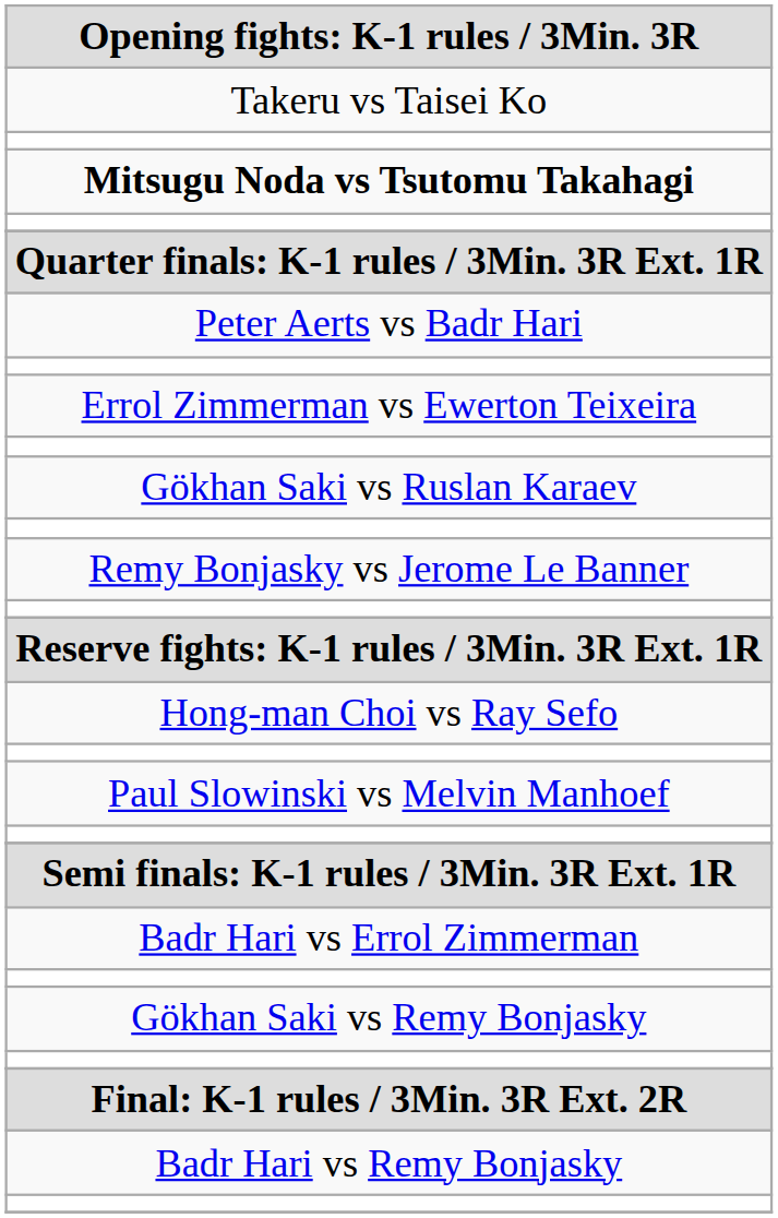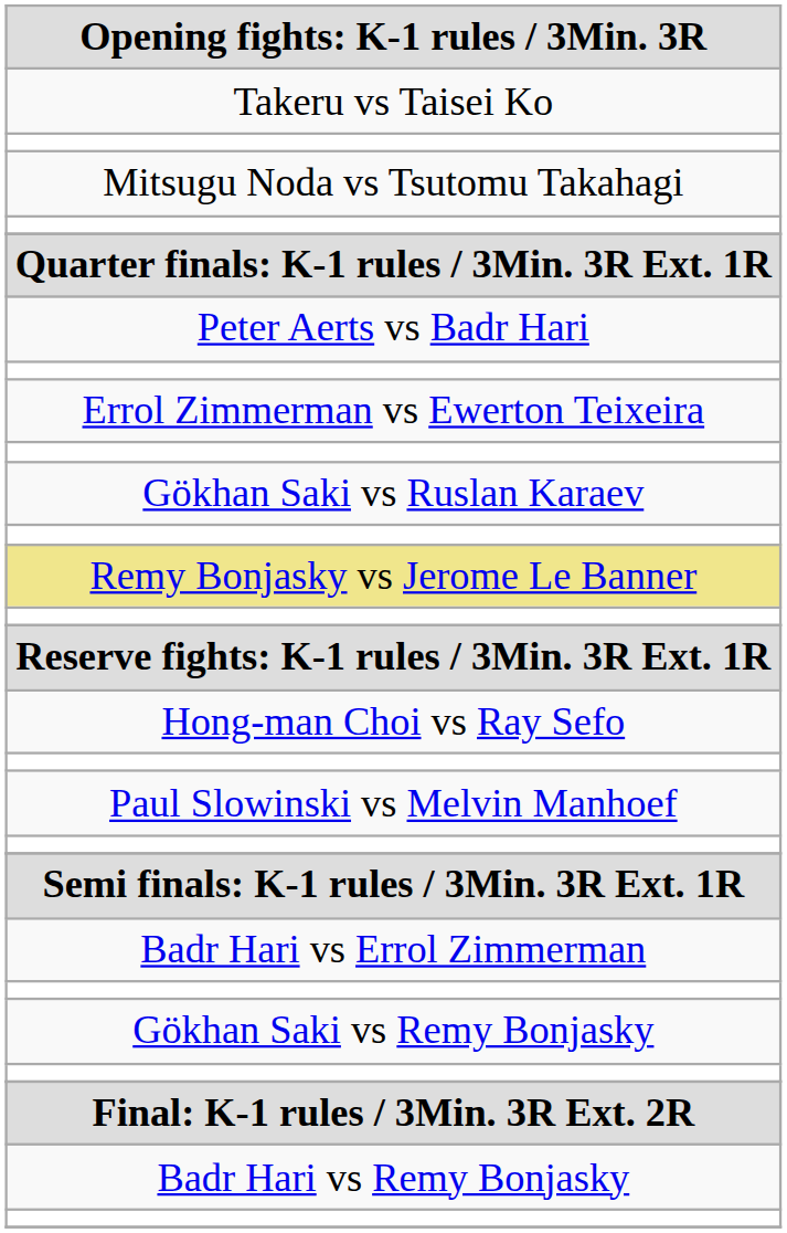 <table class="wikitable" style="clear:both; margin:1.5em auto; text-align:center;">
 <tr align="center"  bgcolor="#dddddd">
 <td><strong>Opening fights: K-1 rules / 3Min. 3R</strong></td>
 </tr>
 <tr align="center"  bgcolor=>
 <td align=center> Takeru vs Taisei Ko </td>
 </tr>
 <tr>
 <th style=background:white colspan=2></th>
 </tr>
 <tr>
-<td align=center><strong> Mitsugu Noda vs Tsutomu Takahagi </strong></td>
+<td align=center> Mitsugu Noda vs Tsutomu Takahagi </td>
 </tr>
 <tr>
 <th style=background:white colspan=2></th>
 </tr>
 <tr>
 </tr>
 <tr align="center"  bgcolor="#dddddd">
 <td><strong>Quarter finals: K-1 rules / 3Min. 3R Ext. 1R</strong></td>
 </tr>
 <tr align="center"  bgcolor=>
 <td align=center> <a href='#'>Peter Aerts</a> vs <a href='#'>Badr Hari</a> </td>
 </tr>
 <tr>
 <th style=background:white colspan=2></th>
 </tr>
 <tr>
 <td align=center> <a href='#'>Errol Zimmerman</a> vs <a href='#'>Ewerton Teixeira</a> </td>
 </tr>
 <tr>
 <th style=background:white colspan=2></th>
 </tr>
 <tr>
 <td align=center> <a href='#'>Gökhan Saki</a> vs <a href='#'>Ruslan Karaev</a> </td>
 </tr>
 <tr>
 <th style=background:white colspan=2></th>
 </tr>
 <tr>
-<td align=center> <a href='#'>Remy Bonjasky</a> vs <a href='#'>Jerome Le Banner</a> </td>
+<td align=center style="background: khaki;"> <a href='#'>Remy Bonjasky</a> vs <a href='#'>Jerome Le Banner</a> </td>
 </tr>
 <tr>
 <th style=background:white colspan=2></th>
 </tr>
 <tr>
 </tr>
 <tr align="center"  bgcolor="#dddddd">
 <td><strong>Reserve fights: K-1 rules / 3Min. 3R Ext. 1R</strong></td>
 </tr>
 <tr align="center"  bgcolor=>
 <td align=center> <a href='#'>Hong-man Choi</a> vs <a href='#'>Ray Sefo</a> </td>
 </tr>
 <tr>
 <th style=background:white colspan=2></th>
 </tr>
 <tr>
 <td align=center> <a href='#'>Paul Slowinski</a> vs <a href='#'>Melvin Manhoef</a> </td>
 </tr>
 <tr>
 <th style=background:white colspan=2></th>
 </tr>
 <tr>
 </tr>
 <tr align="center"  bgcolor="#dddddd">
 <td><strong>Semi finals: K-1 rules / 3Min. 3R Ext. 1R</strong></td>
 </tr>
 <tr align="center"  bgcolor=>
 <td align=center> <a href='#'>Badr Hari</a> vs <a href='#'>Errol Zimmerman</a> </td>
 </tr>
 <tr>
 <th style=background:white colspan=2></th>
 </tr>
 <tr>
 <td align=center> <a href='#'>Gökhan Saki</a> vs <a href='#'>Remy Bonjasky</a> </td>
 </tr>
 <tr>
 <th style=background:white colspan=2></th>
 </tr>
 <tr>
 </tr>
 <tr align="center"  bgcolor="#dddddd">
 <td><strong>Final: K-1 rules / 3Min. 3R Ext. 2R</strong></td>
 </tr>
 <tr align="center"  bgcolor=>
 <td align=center> <a href='#'>Badr Hari</a> vs <a href='#'>Remy Bonjasky</a> </td>
 </tr>
 <tr>
 <th style=background:white colspan=2></th>
 </tr>
 <tr>
 </tr>
 </table>
